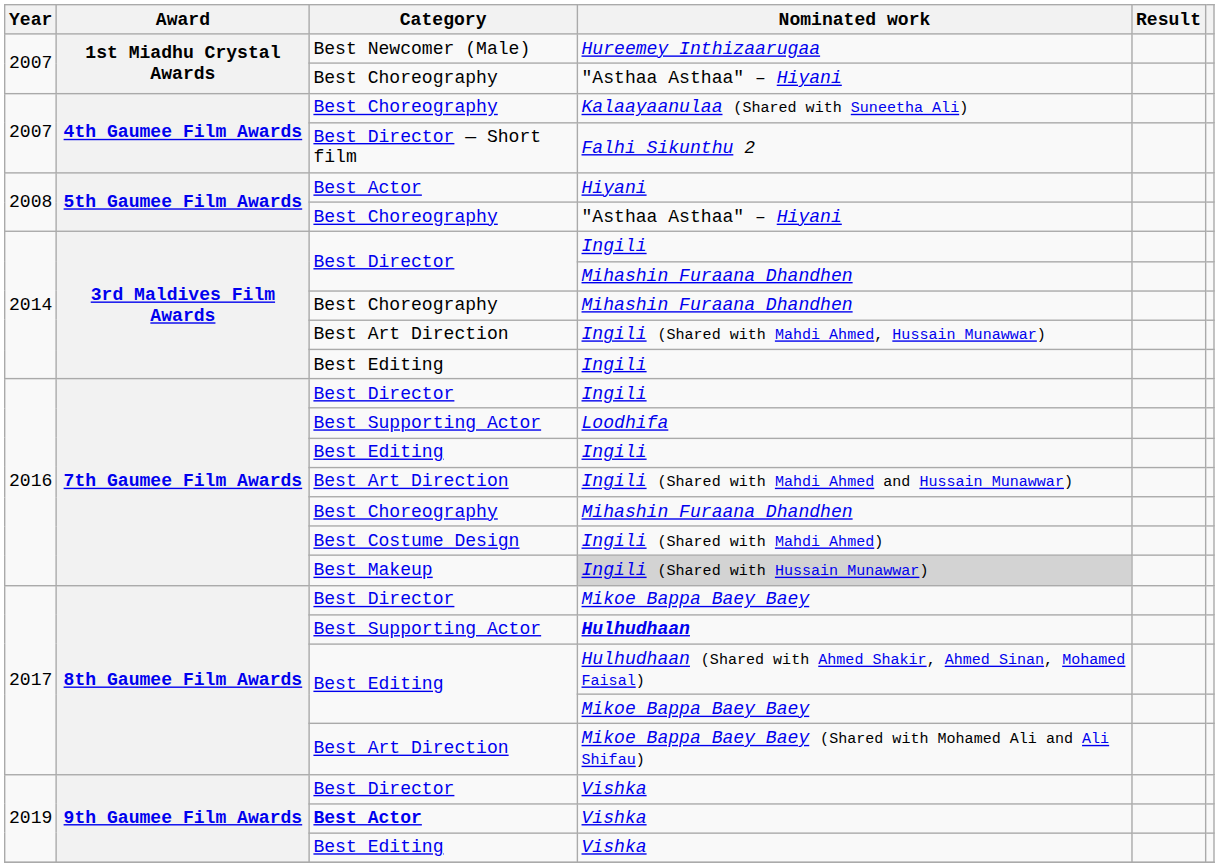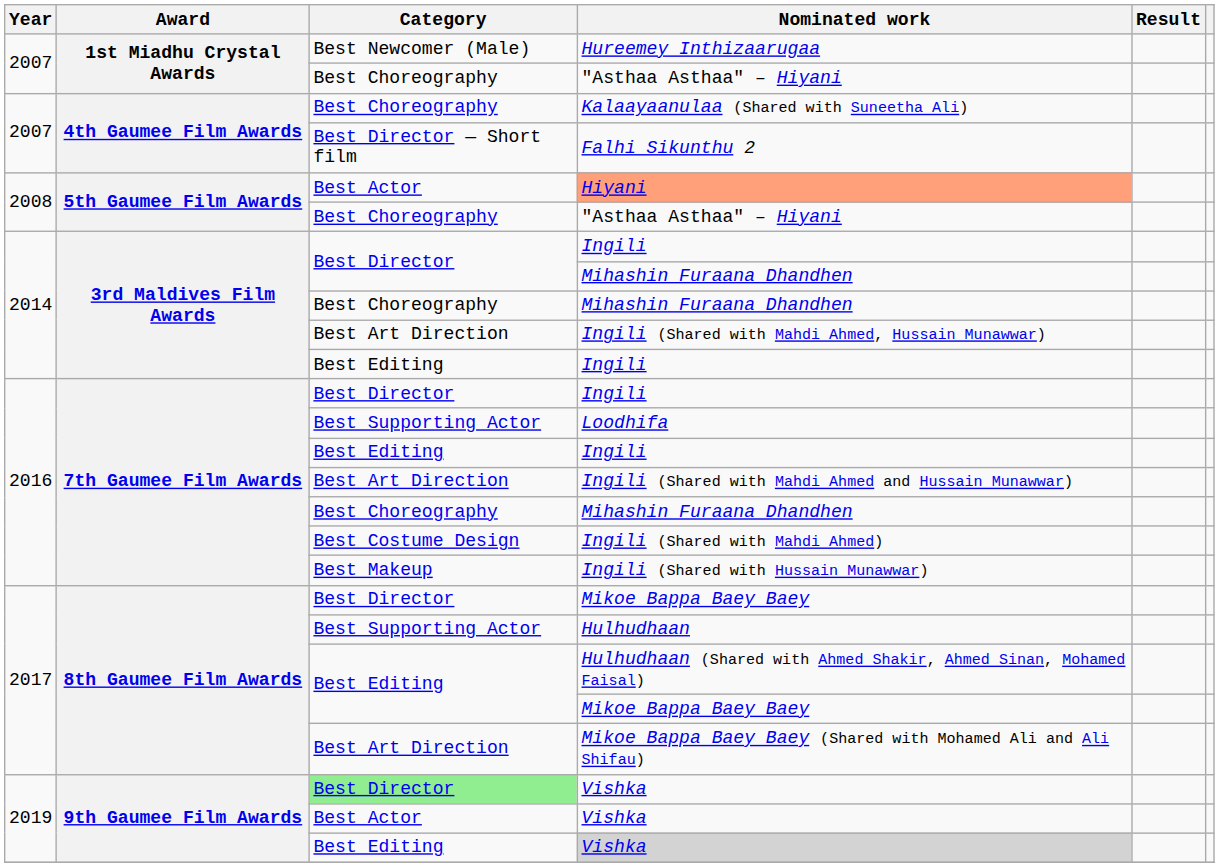 <table class="wikitable plainrowheaders sortable">
 <tr>
 <th scope="col">Year</th>
 <th scope="col">Award</th>
 <th scope="col">Category</th>
 <th scope="col">Nominated work</th>
 <th scope="col">Result</th>
 <th scope="col" class="unsortable"></th>
 </tr>
 <tr>
 <td rowspan="2">2007</td>
 <th scope="row" rowspan="2">1st Miadhu Crystal Awards</th>
 <td>Best Newcomer (Male)</td>
 <td><em><a href='#'>Hureemey Inthizaarugaa</a></em></td>
 <td></td>
 <td style="text-align:center;"></td>
 </tr>
 <tr>
 <td>Best Choreography</td>
 <td>"Asthaa Asthaa" – <em><a href='#'>Hiyani</a></em></td>
 <td></td>
 <td style="text-align:center;"></td>
 </tr>
 <tr>
 <td rowspan="2">2007</td>
 <th scope="row" rowspan="2"><a href='#'>4th Gaumee Film Awards</a></th>
 <td><a href='#'>Best Choreography</a></td>
 <td><em><a href='#'>Kalaayaanulaa</a></em> <small>(Shared with <a href='#'>Suneetha Ali</a>)</small></td>
 <td></td>
 <td style="text-align:center;"></td>
 </tr>
 <tr>
 <td><a href='#'>Best Director</a> — Short film</td>
 <td><em><a href='#'>Falhi Sikunthu</a> 2</em></td>
 <td></td>
 <td style="text-align:center;"></td>
 </tr>
 <tr>
 <td rowspan="2">2008</td>
 <th scope="row" rowspan="2"><a href='#'>5th Gaumee Film Awards</a></th>
 <td><a href='#'>Best Actor</a></td>
-<td><em><a href='#'>Hiyani</a></em></td>
+<td style="background: lightsalmon;"><em><a href='#'>Hiyani</a></em></td>
 <td></td>
 <td style="text-align:center;"></td>
 </tr>
 <tr>
 <td><a href='#'>Best Choreography</a></td>
 <td>"Asthaa Asthaa" – <em><a href='#'>Hiyani</a></em></td>
 <td></td>
 <td style="text-align:center;"></td>
 </tr>
 <tr>
 <td rowspan="5">2014</td>
 <th scope="row" rowspan="5"><a href='#'>3rd Maldives Film Awards</a></th>
 <td rowspan="2"><a href='#'>Best Director</a></td>
 <td><em><a href='#'>Ingili</a></em></td>
 <td></td>
 <td style="text-align:center;"></td>
 </tr>
 <tr>
 <td><em><a href='#'>Mihashin Furaana Dhandhen</a></em></td>
 <td></td>
 <td style="text-align:center;"></td>
 </tr>
 <tr>
 <td>Best Choreography</td>
 <td><em><a href='#'>Mihashin Furaana Dhandhen</a></em></td>
 <td></td>
 <td style="text-align:center;"></td>
 </tr>
 <tr>
 <td>Best Art Direction</td>
 <td><em><a href='#'>Ingili</a></em> <small>(Shared with <a href='#'>Mahdi Ahmed</a>, <a href='#'>Hussain Munawwar</a>)</small></td>
 <td></td>
 <td style="text-align:center;"></td>
 </tr>
 <tr>
 <td>Best Editing</td>
 <td><em><a href='#'>Ingili</a></em></td>
 <td></td>
 <td style="text-align:center;"></td>
 </tr>
 <tr>
 <td rowspan="7">2016</td>
 <th scope="row" rowspan="7"><a href='#'>7th Gaumee Film Awards</a></th>
 <td><a href='#'>Best Director</a></td>
 <td><em><a href='#'>Ingili</a></em></td>
 <td></td>
 <td style="text-align:center;"></td>
 </tr>
 <tr>
 <td><a href='#'>Best Supporting Actor</a></td>
 <td><em><a href='#'>Loodhifa</a></em></td>
 <td></td>
 <td style="text-align:center;"></td>
 </tr>
 <tr>
 <td><a href='#'>Best Editing</a></td>
 <td><em><a href='#'>Ingili</a></em></td>
 <td></td>
 <td style="text-align:center;"></td>
 </tr>
 <tr>
 <td><a href='#'>Best Art Direction</a></td>
 <td><em><a href='#'>Ingili</a></em> <small>(Shared with <a href='#'>Mahdi Ahmed</a> and <a href='#'>Hussain Munawwar</a>)</small></td>
 <td></td>
 <td style="text-align:center;"></td>
 </tr>
 <tr>
 <td><a href='#'>Best Choreography</a></td>
 <td><em><a href='#'>Mihashin Furaana Dhandhen</a></em></td>
 <td></td>
 <td style="text-align:center;"></td>
 </tr>
 <tr>
 <td><a href='#'>Best Costume Design</a></td>
 <td><em><a href='#'>Ingili</a></em> <small>(Shared with <a href='#'>Mahdi Ahmed</a>)</small></td>
 <td></td>
 <td style="text-align:center;"></td>
 </tr>
 <tr>
 <td><a href='#'>Best Makeup</a></td>
-<td style="background: lightgrey;"><em><a href='#'>Ingili</a></em> <small>(Shared with <a href='#'>Hussain Munawwar</a>)</small></td>
+<td><em><a href='#'>Ingili</a></em> <small>(Shared with <a href='#'>Hussain Munawwar</a>)</small></td>
 <td></td>
 <td style="text-align:center;"></td>
 </tr>
 <tr>
 <td rowspan="5">2017</td>
 <th scope="row" rowspan="5"><a href='#'>8th Gaumee Film Awards</a></th>
 <td><a href='#'>Best Director</a></td>
 <td><em><a href='#'>Mikoe Bappa Baey Baey</a></em></td>
 <td></td>
 <td style="text-align:center;"></td>
 </tr>
 <tr>
 <td><a href='#'>Best Supporting Actor</a></td>
-<td><strong><em><a href='#'>Hulhudhaan</a></em></strong></td>
+<td><em><a href='#'>Hulhudhaan</a></em></td>
 <td></td>
 <td style="text-align:center;"></td>
 </tr>
 <tr>
 <td rowspan="2"><a href='#'>Best Editing</a></td>
 <td><em><a href='#'>Hulhudhaan</a></em> <small>(Shared with <a href='#'>Ahmed Shakir</a>, <a href='#'>Ahmed Sinan</a>, <a href='#'>Mohamed Faisal</a>)</small></td>
 <td></td>
 <td style="text-align:center;"></td>
 </tr>
 <tr>
 <td><em><a href='#'>Mikoe Bappa Baey Baey</a></em></td>
 <td></td>
 <td style="text-align:center;"></td>
 </tr>
 <tr>
 <td><a href='#'>Best Art Direction</a></td>
 <td><em><a href='#'>Mikoe Bappa Baey Baey</a></em> <small>(Shared with Mohamed Ali and <a href='#'>Ali Shifau</a>)</small></td>
 <td></td>
 <td style="text-align:center;"></td>
 </tr>
 <tr>
 <td rowspan="3">2019</td>
 <th scope="row" rowspan="3"><a href='#'>9th Gaumee Film Awards</a></th>
-<td><a href='#'>Best Director</a></td>
+<td style="background: lightgreen;"><a href='#'>Best Director</a></td>
 <td><em><a href='#'>Vishka</a></em></td>
 <td></td>
 <td style="text-align:center;"></td>
 </tr>
 <tr>
-<td><strong><a href='#'>Best Actor</a></strong></td>
+<td><a href='#'>Best Actor</a></td>
 <td><em><a href='#'>Vishka</a></em></td>
 <td></td>
 <td style="text-align:center;"></td>
 </tr>
 <tr>
 <td><a href='#'>Best Editing</a></td>
-<td><em><a href='#'>Vishka</a></em></td>
+<td style="background: lightgrey;"><em><a href='#'>Vishka</a></em></td>
 <td></td>
 <td style="text-align:center;"></td>
 </tr>
 <tr>
 </tr>
 </table>
